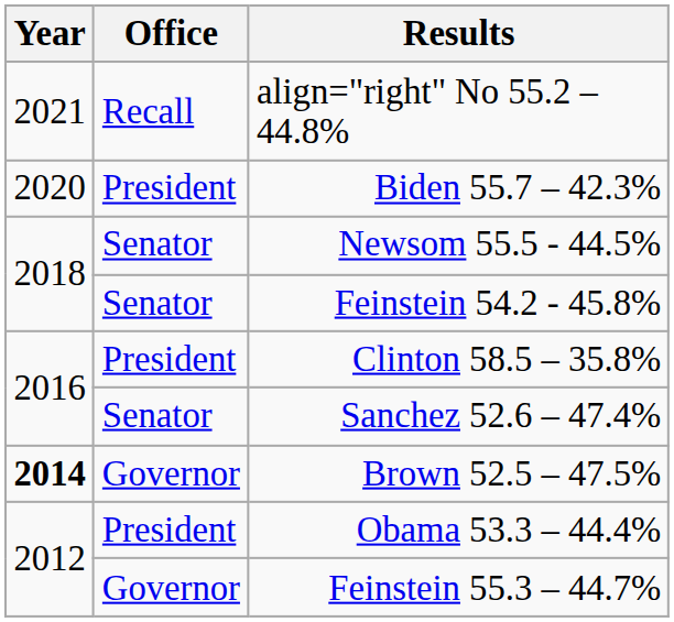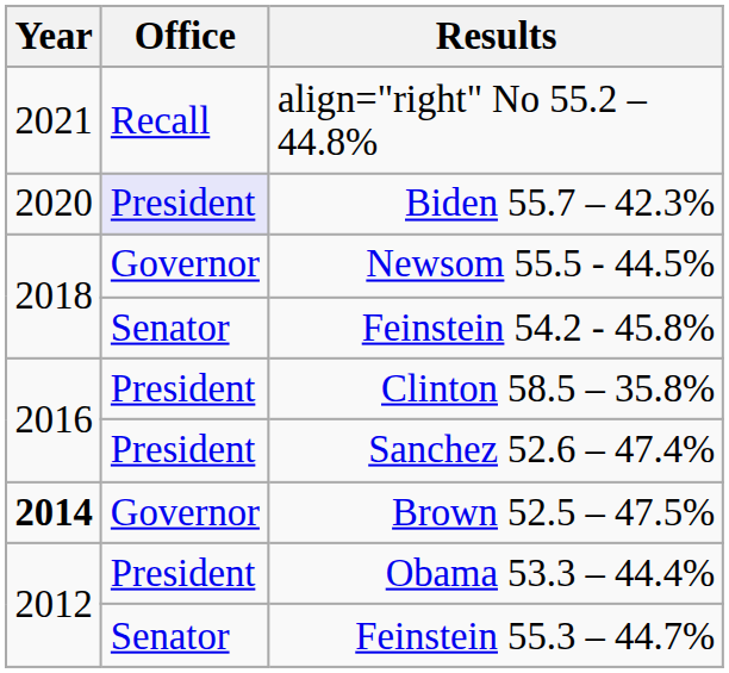 <table class=wikitable>
 <tr>
 <th width="30">Year</th>
 <th width="60">Office</th>
 <th width="180">Results</th>
 </tr>
 <tr>
 <td>2021</td>
 <td><a href='#'>Recall</a></td>
 <td>align="right"  No 55.2 – 44.8%</td>
 </tr>
 <tr>
 <td rowspan="1">2020</td>
-<td><a href='#'>President</a></td>
+<td style="background: lavender;"><a href='#'>President</a></td>
 <td align="right" ><a href='#'>Biden</a> 55.7 – 42.3%</td>
 </tr>
 <tr>
 <td rowspan="2">2018</td>
-<td><a href='#'>Senator</a></td>
+<td><a href='#'>Governor</a></td>
 <td align="right" ><a href='#'>Newsom</a> 55.5 - 44.5%</td>
 </tr>
 <tr>
 <td><a href='#'>Senator</a></td>
 <td align="right" ><a href='#'>Feinstein</a> 54.2 - 45.8%</td>
 </tr>
 <tr>
 <td rowspan="2">2016</td>
 <td><a href='#'>President</a></td>
 <td align="right" ><a href='#'>Clinton</a> 58.5 – 35.8%</td>
 </tr>
 <tr>
-<td><a href='#'>Senator</a></td>
+<td><a href='#'>President</a></td>
 <td align="right" ><a href='#'>Sanchez</a> 52.6 – 47.4%</td>
 </tr>
 <tr>
 <td><strong>2014</strong></td>
 <td><a href='#'>Governor</a></td>
 <td align="right" ><a href='#'>Brown</a> 52.5 – 47.5%</td>
 </tr>
 <tr>
 <td rowspan="2">2012</td>
 <td><a href='#'>President</a></td>
 <td align="right" ><a href='#'>Obama</a> 53.3 – 44.4%</td>
 </tr>
 <tr>
-<td><a href='#'>Governor</a></td>
+<td><a href='#'>Senator</a></td>
 <td align="right" ><a href='#'>Feinstein</a> 55.3 – 44.7%</td>
 </tr>
 </table>
